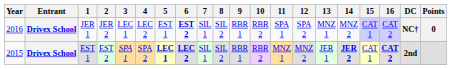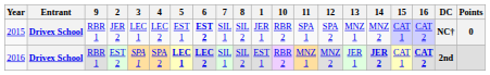 <table class="wikitable" style="text-align:center; font-size:85%">
 <tr>
 <th>Year</th>
 <th>Entrant</th>
-<th>1</th>
+<th>9</th>
 <th>2</th>
 <th>3</th>
 <th>4</th>
 <th>5</th>
 <th>6</th>
 <th>7</th>
 <th>8</th>
-<th>9</th>
+<th>1</th>
 <th>10</th>
 <th>11</th>
 <th>12</th>
 <th>13</th>
 <th>14</th>
 <th>15</th>
 <th>16</th>
 <th>DC</th>
 <th>Points</th>
 </tr>
 <tr>
-<td><a href='#'>2016</a></td>
+<td><a href='#'>2015</a></td>
 <th nowrap><a href='#'>Drivex School</a></th>
-<td style="background:#;"><a href='#'>JER<br>1</a></td>
+<td style="background:#;"><a href='#'>RBR<br>1</a></td>
 <td style="background:#;"><a href='#'>JER<br>2</a></td>
 <td style="background:#;"><a href='#'>LEC<br>1</a></td>
 <td style="background:#;"><a href='#'>LEC<br>2</a></td>
 <td style="background:#;"><a href='#'>EST<br>1</a></td>
 <td style="background:#;"><strong><a href='#'>EST<br>2</a></strong></td>
 <td style="background:#;"><a href='#'>SIL<br>1</a></td>
 <td style="background:#;"><a href='#'>SIL<br>2</a></td>
-<td style="background:#;"><a href='#'>RBR<br>1</a></td>
+<td style="background:#;"><a href='#'>JER<br>1</a></td>
 <td style="background:#;"><a href='#'>RBR<br>2</a></td>
 <td style="background:#;"><a href='#'>SPA<br>1</a></td>
 <td style="background:#;"><a href='#'>SPA<br>2</a></td>
 <td style="background:#;"><a href='#'>MNZ<br>1</a></td>
 <td style="background:#;"><a href='#'>MNZ<br>2</a></td>
 <td style="background:#CFCFFF;"><a href='#'>CAT<br>1</a><br></td>
 <td style="background:#CFCFFF;"><a href='#'>CAT<br>2</a><br></td>
 <th>NC†</th>
 <th>0</th>
 </tr>
 <tr>
-<td><a href='#'>2015</a></td>
+<td><a href='#'>2016</a></td>
 <th nowrap><a href='#'>Drivex School</a></th>
-<td style="background:#DFDFDF;"><a href='#'>EST<br>1</a><br></td>
+<td style="background:#DFDFDF;"><a href='#'>RBR<br>1</a><br></td>
 <td style="background:#DFFFDF;"><a href='#'>EST<br>2</a><br></td>
 <td style="background:#FFDF9F;"><em><a href='#'>SPA<br>1</a></em><br></td>
 <td style="background:#FFDF9F;"><a href='#'>SPA<br>2</a><br></td>
 <td style="background:#FFFFBF;"><strong><a href='#'>LEC<br>1</a></strong><br></td>
 <td style="background:#DFDFDF;"><strong><a href='#'>LEC<br>2</a></strong><br></td>
 <td style="background:#DFFFDF;"><a href='#'>SIL<br>1</a><br></td>
 <td style="background:#DFDFDF;"><a href='#'>SIL<br>2</a><br></td>
-<td style="background:#DFDFDF;"><a href='#'>RBR<br>1</a><br></td>
+<td style="background:#DFDFDF;"><a href='#'>EST<br>1</a><br></td>
 <td style="background:#EFCFFF;"><a href='#'>RBR<br>2</a><br></td>
 <td style="background:#FFDF9F;"><a href='#'>MNZ<br>1</a><br></td>
 <td style="background:#DFDFDF;"><a href='#'>MNZ<br>2</a><br></td>
 <td style="background:#DFFFDF;"><a href='#'>JER<br>1</a><br></td>
 <td style="background:#DFDFDF;"><strong><a href='#'>JER<br>2</a></strong><br></td>
 <td style="background:#FFFFBF;"><a href='#'>CAT<br>1</a><br></td>
 <td style="background:#DFDFDF;"><strong><a href='#'>CAT<br>2</a></strong><br></td>
 <th style="background:#DFDFDF;">2nd</th>
 <th style="background:#DFDFDF;"></th>
 </tr>
 </table>
